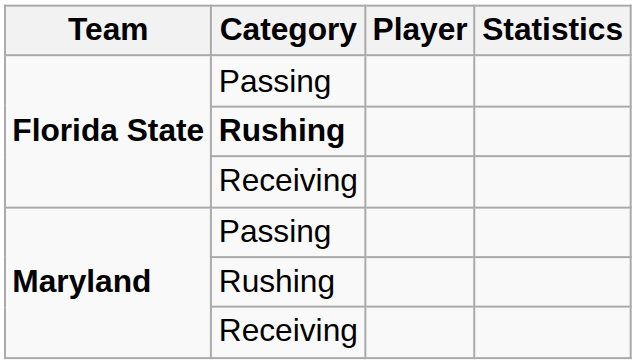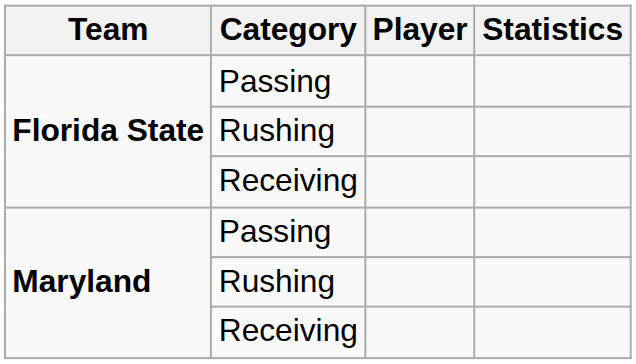 <table class="wikitable" style="float: left;">
 <tr>
 <th>Team</th>
 <th>Category</th>
 <th>Player</th>
 <th>Statistics</th>
 </tr>
 <tr>
 <td rowspan=3><strong>Florida State</strong></td>
 <td>Passing</td>
 <td></td>
 <td></td>
 </tr>
 <tr>
-<td><strong>Rushing</strong></td>
+<td>Rushing</td>
 <td></td>
 <td></td>
 </tr>
 <tr>
 <td>Receiving</td>
 <td></td>
 <td></td>
 </tr>
 <tr>
 <td rowspan=3><strong>Maryland</strong></td>
 <td>Passing</td>
 <td></td>
 <td></td>
 </tr>
 <tr>
 <td>Rushing</td>
 <td></td>
 <td></td>
 </tr>
 <tr>
 <td>Receiving</td>
 <td></td>
 <td></td>
 </tr>
 </table>
